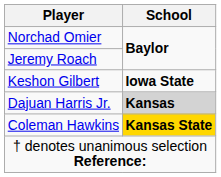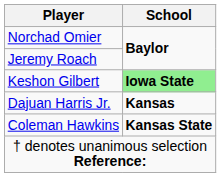 <table class="wikitable" style="white-space:nowrap; font-size:90%;">
 <tr>
 <th>Player</th>
 <th>School</th>
 </tr>
 <tr ,>
 <td><a href='#'>Norchad Omier</a></td>
 <td rowspan=2><strong>Baylor</strong></td>
 </tr>
 <tr>
 <td><a href='#'>Jeremy Roach</a></td>
 </tr>
 <tr>
 <td><a href='#'>Keshon Gilbert</a></td>
-<td><strong>Iowa State</strong></td>
+<td style="background: lightgreen;"><strong>Iowa State</strong></td>
 </tr>
 <tr>
 <td><a href='#'>Dajuan Harris Jr.</a></td>
-<td style="background: lightgrey;"><strong>Kansas</strong></td>
+<td><strong>Kansas</strong></td>
 </tr>
 <tr>
 <td><a href='#'>Coleman Hawkins</a></td>
-<td style="background: gold;"><strong>Kansas State</strong></td>
+<td><strong>Kansas State</strong></td>
 </tr>
 <tr>
 <td colspan="4"  style="font-size:11pt; text-align:center;">† denotes unanimous selection<br><strong>Reference:</strong></td>
 </tr>
 </table>
